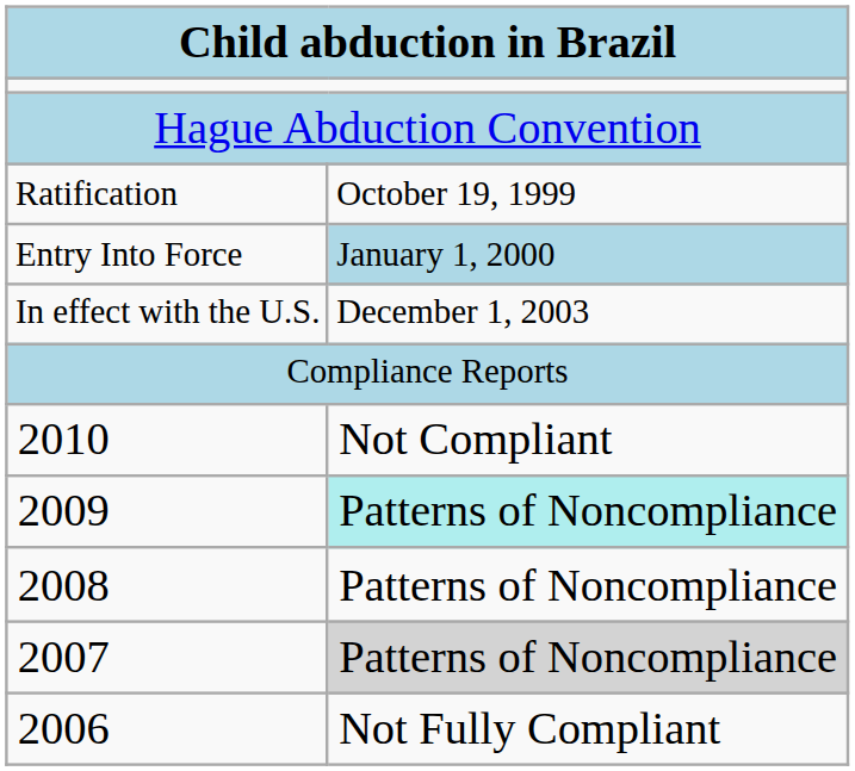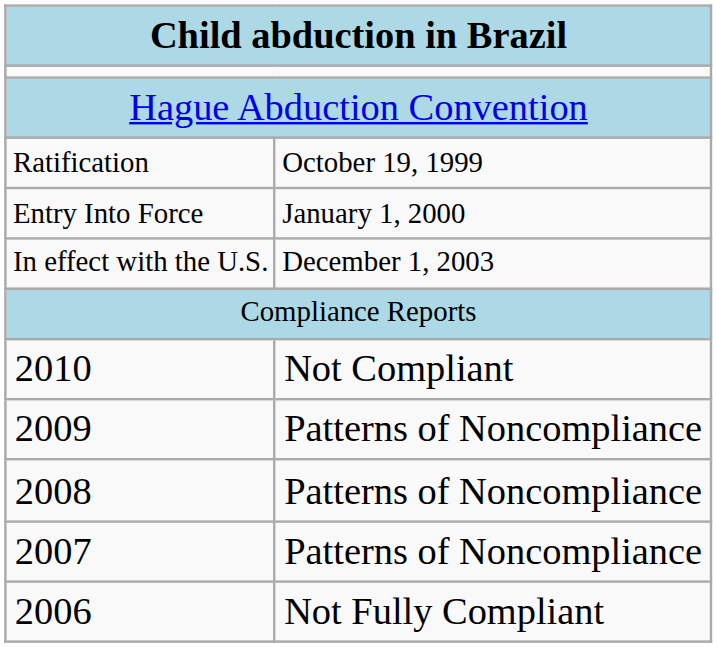 <table class="wikitable" style="float: right;">
 <tr>
 <th colspan="2" style="background:lightblue;width:200px;"><strong>Child abduction in Brazil</strong></th>
 </tr>
 <tr>
 <td colspan="2" style="text-align:center;font-size:7pt"></td>
 </tr>
 <tr>
 <td colspan="2" style="background:lightblue;text-align:center;"><a href='#'>Hague Abduction Convention</a></td>
 </tr>
 <tr>
 <td style="font-size:9pt">Ratification</td>
 <td style="font-size:9pt">October 19, 1999</td>
 </tr>
 <tr>
 <td style="font-size:9pt">Entry Into Force</td>
-<td style="background: lightblue; font-size:9pt">January 1, 2000</td>
+<td style="font-size:9pt">January 1, 2000</td>
 </tr>
 <tr>
 <td style="font-size:9pt">In effect with the U.S.</td>
 <td style="font-size:9pt">December 1, 2003</td>
 </tr>
 <tr>
 <td colspan="2" style="background:lightblue;text-align:center;font-size:9pt">Compliance Reports</td>
 </tr>
 <tr>
 <td>2010</td>
 <td>Not Compliant</td>
 </tr>
 <tr>
 <td>2009</td>
-<td style="background: paleturquoise;">Patterns of Noncompliance</td>
+<td>Patterns of Noncompliance</td>
 </tr>
 <tr>
 <td>2008</td>
 <td>Patterns of Noncompliance</td>
 </tr>
 <tr>
 <td>2007</td>
-<td style="background: lightgrey;">Patterns of Noncompliance</td>
+<td>Patterns of Noncompliance</td>
 </tr>
 <tr>
 <td>2006</td>
 <td>Not Fully Compliant</td>
 </tr>
 </table>
